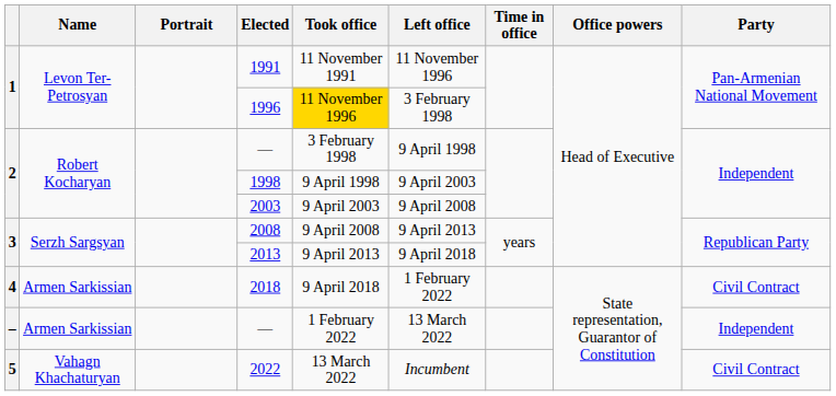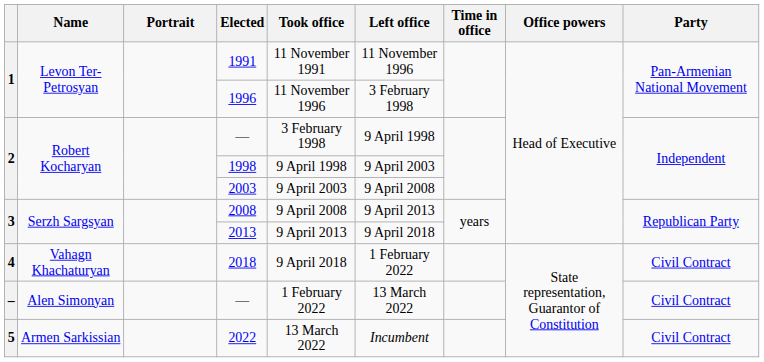 <table class="wikitable" style="text-align:center">
 <tr>
 <th></th>
 <th>Name<br></th>
 <th width="100px">Portrait</th>
 <th>Elected</th>
 <th>Took office</th>
 <th>Left office</th>
 <th>Time in office</th>
 <th>Office powers</th>
 <th>Party</th>
 </tr>
 <tr>
 <th rowspan=2 style="background:">1</th>
 <td rowspan=2><a href='#'>Levon Ter-Petrosyan</a><br></td>
 <td rowspan=2></td>
 <td><a href='#'>1991</a></td>
 <td>11 November 1991</td>
 <td>11 November 1996</td>
 <td rowspan=2></td>
 <td rowspan=7>Head of Executive</td>
 <td rowspan=2><a href='#'>Pan-Armenian National Movement</a></td>
 </tr>
 <tr>
 <td><a href='#'>1996</a></td>
-<td style="background: gold;">11 November 1996</td>
+<td>11 November 1996</td>
 <td>3 February 1998<br></td>
 </tr>
 <tr>
 <th rowspan=3 style="background:">2</th>
 <td rowspan=3><a href='#'>Robert Kocharyan</a><br></td>
 <td rowspan=3></td>
 <td>—</td>
 <td>3 February 1998</td>
 <td>9 April 1998</td>
 <td rowspan=3></td>
 <td rowspan=3><a href='#'>Independent</a></td>
 </tr>
 <tr>
 <td><a href='#'>1998</a></td>
 <td>9 April 1998</td>
 <td>9 April 2003</td>
 </tr>
 <tr>
 <td><a href='#'>2003</a></td>
 <td>9 April 2003</td>
 <td>9 April 2008</td>
 </tr>
 <tr>
 <th rowspan=2 style="background:">3</th>
 <td rowspan=2><a href='#'>Serzh Sargsyan</a><br></td>
 <td rowspan=2></td>
 <td><a href='#'>2008</a></td>
 <td>9 April 2008</td>
 <td>9 April 2013</td>
 <td rowspan=2> years</td>
 <td rowspan=2><a href='#'>Republican Party</a></td>
 </tr>
 <tr>
 <td><a href='#'>2013</a></td>
 <td>9 April 2013</td>
 <td>9 April 2018</td>
 </tr>
 <tr>
 <th style="background:">4</th>
-<td><a href='#'>Armen Sarkissian</a><br></td>
+<td><a href='#'>Vahagn Khachaturyan</a><br></td>
 <td></td>
 <td><a href='#'>2018</a></td>
 <td>9 April 2018</td>
 <td>1 February 2022<br></td>
 <td></td>
 <td rowspan=3>State representation,<br>Guarantor of <a href='#'>Constitution</a></td>
 <td><a href='#'>Civil Contract</a></td>
 </tr>
 <tr>
 <th style="background:">–</th>
-<td><a href='#'>Armen Sarkissian</a><br></td>
+<td><a href='#'>Alen Simonyan</a><br></td>
 <td></td>
 <td>—</td>
 <td>1 February 2022</td>
 <td>13 March 2022</td>
 <td></td>
-<td><a href='#'>Independent</a></td>
+<td><a href='#'>Civil Contract</a></td>
 </tr>
 <tr>
 <th style="background:">5</th>
-<td><a href='#'>Vahagn Khachaturyan</a><br></td>
+<td><a href='#'>Armen Sarkissian</a><br></td>
 <td></td>
 <td><a href='#'>2022</a></td>
 <td>13 March 2022</td>
 <td><em>Incumbent</em></td>
 <td></td>
 <td><a href='#'>Civil Contract</a></td>
 </tr>
 </table>
